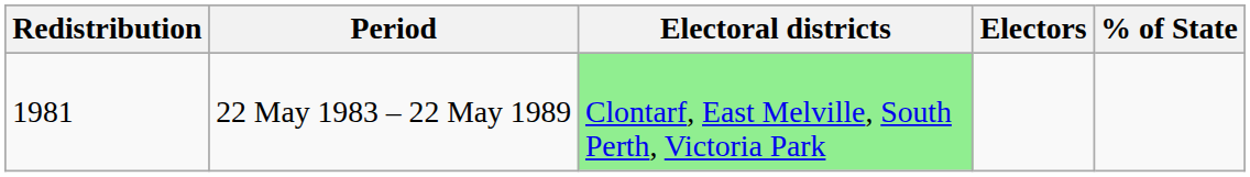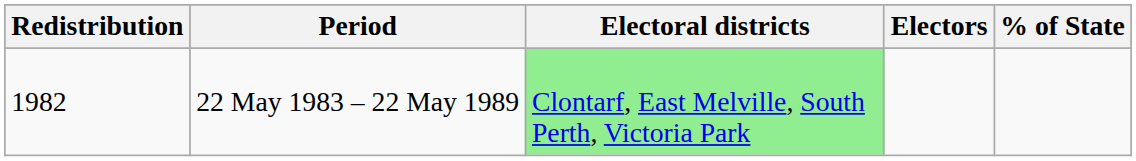 <table class="wikitable">
 <tr>
 <th>Redistribution</th>
 <th>Period</th>
 <th>Electoral districts</th>
 <th>Electors</th>
 <th>% of State</th>
 </tr>
 <tr>
-<td>1981</td>
+<td>1982</td>
 <td>22 May 1983 – 22 May 1989</td>
 <td width=200 style="background: lightgreen;"><br><a href='#'>Clontarf</a>,  <a href='#'>East Melville</a>,  <a href='#'>South Perth</a>,  <a href='#'>Victoria Park</a></td>
 <td align=right></td>
 <td align=right></td>
 </tr>
 </table>
